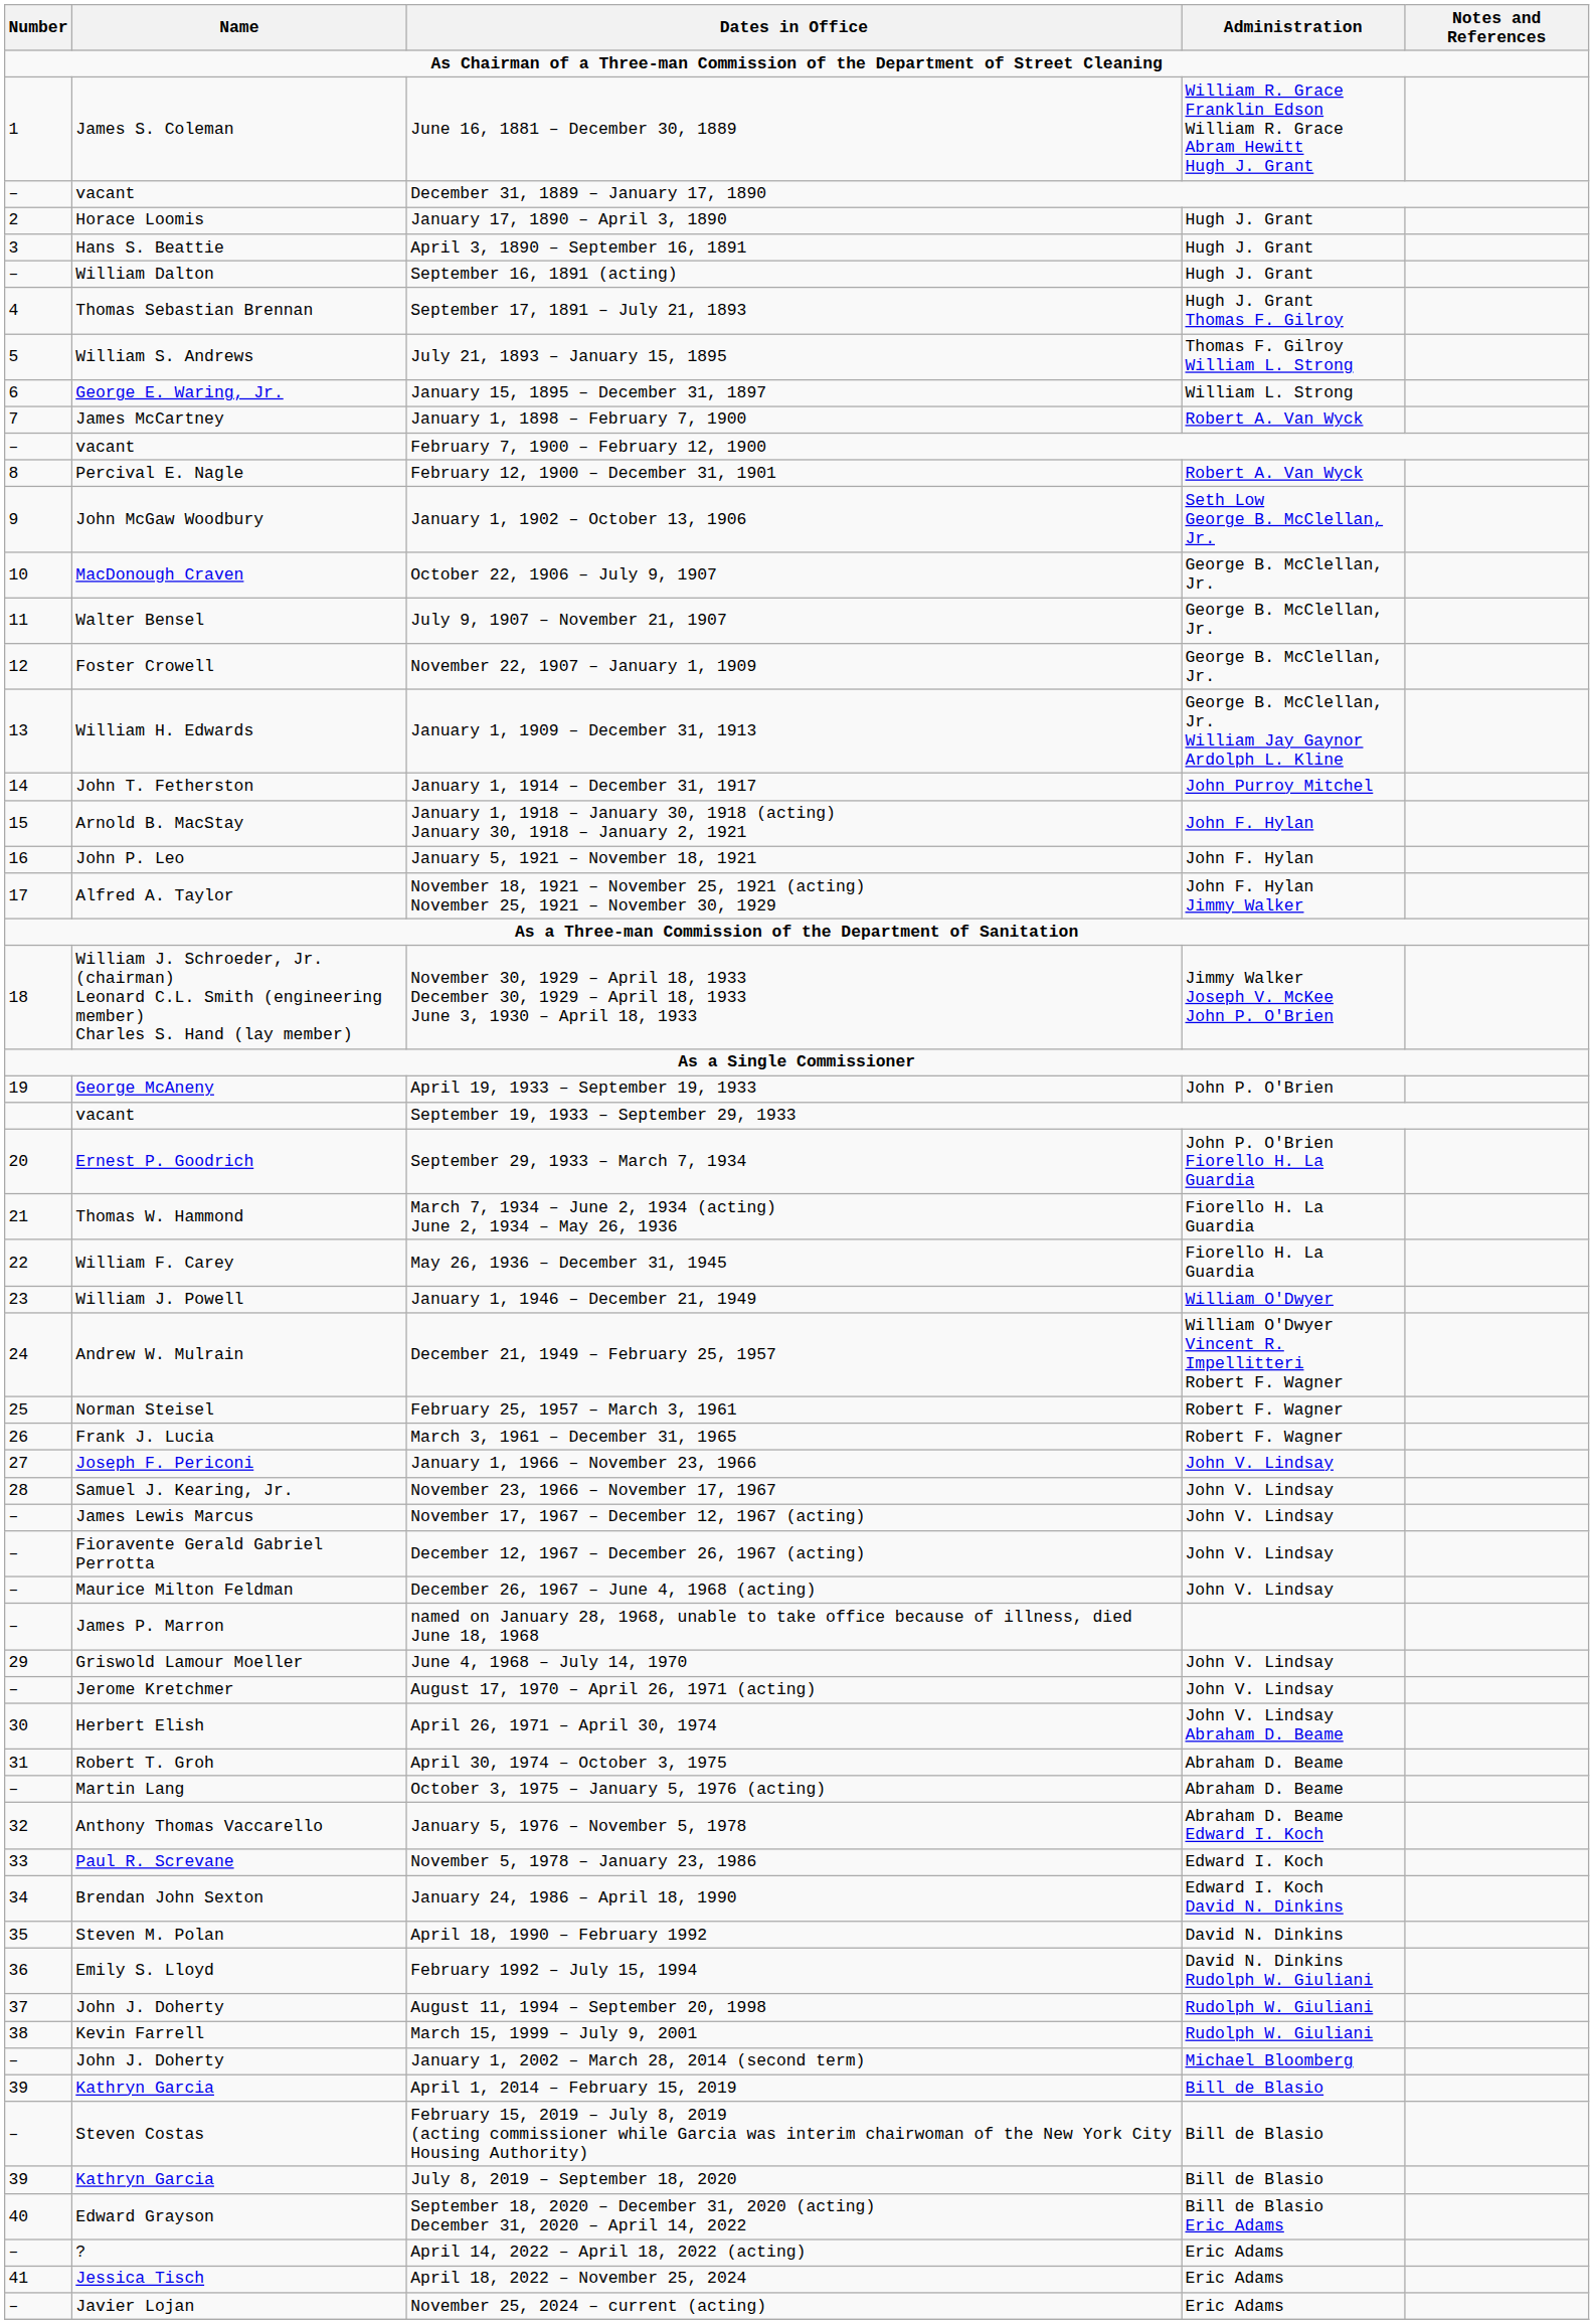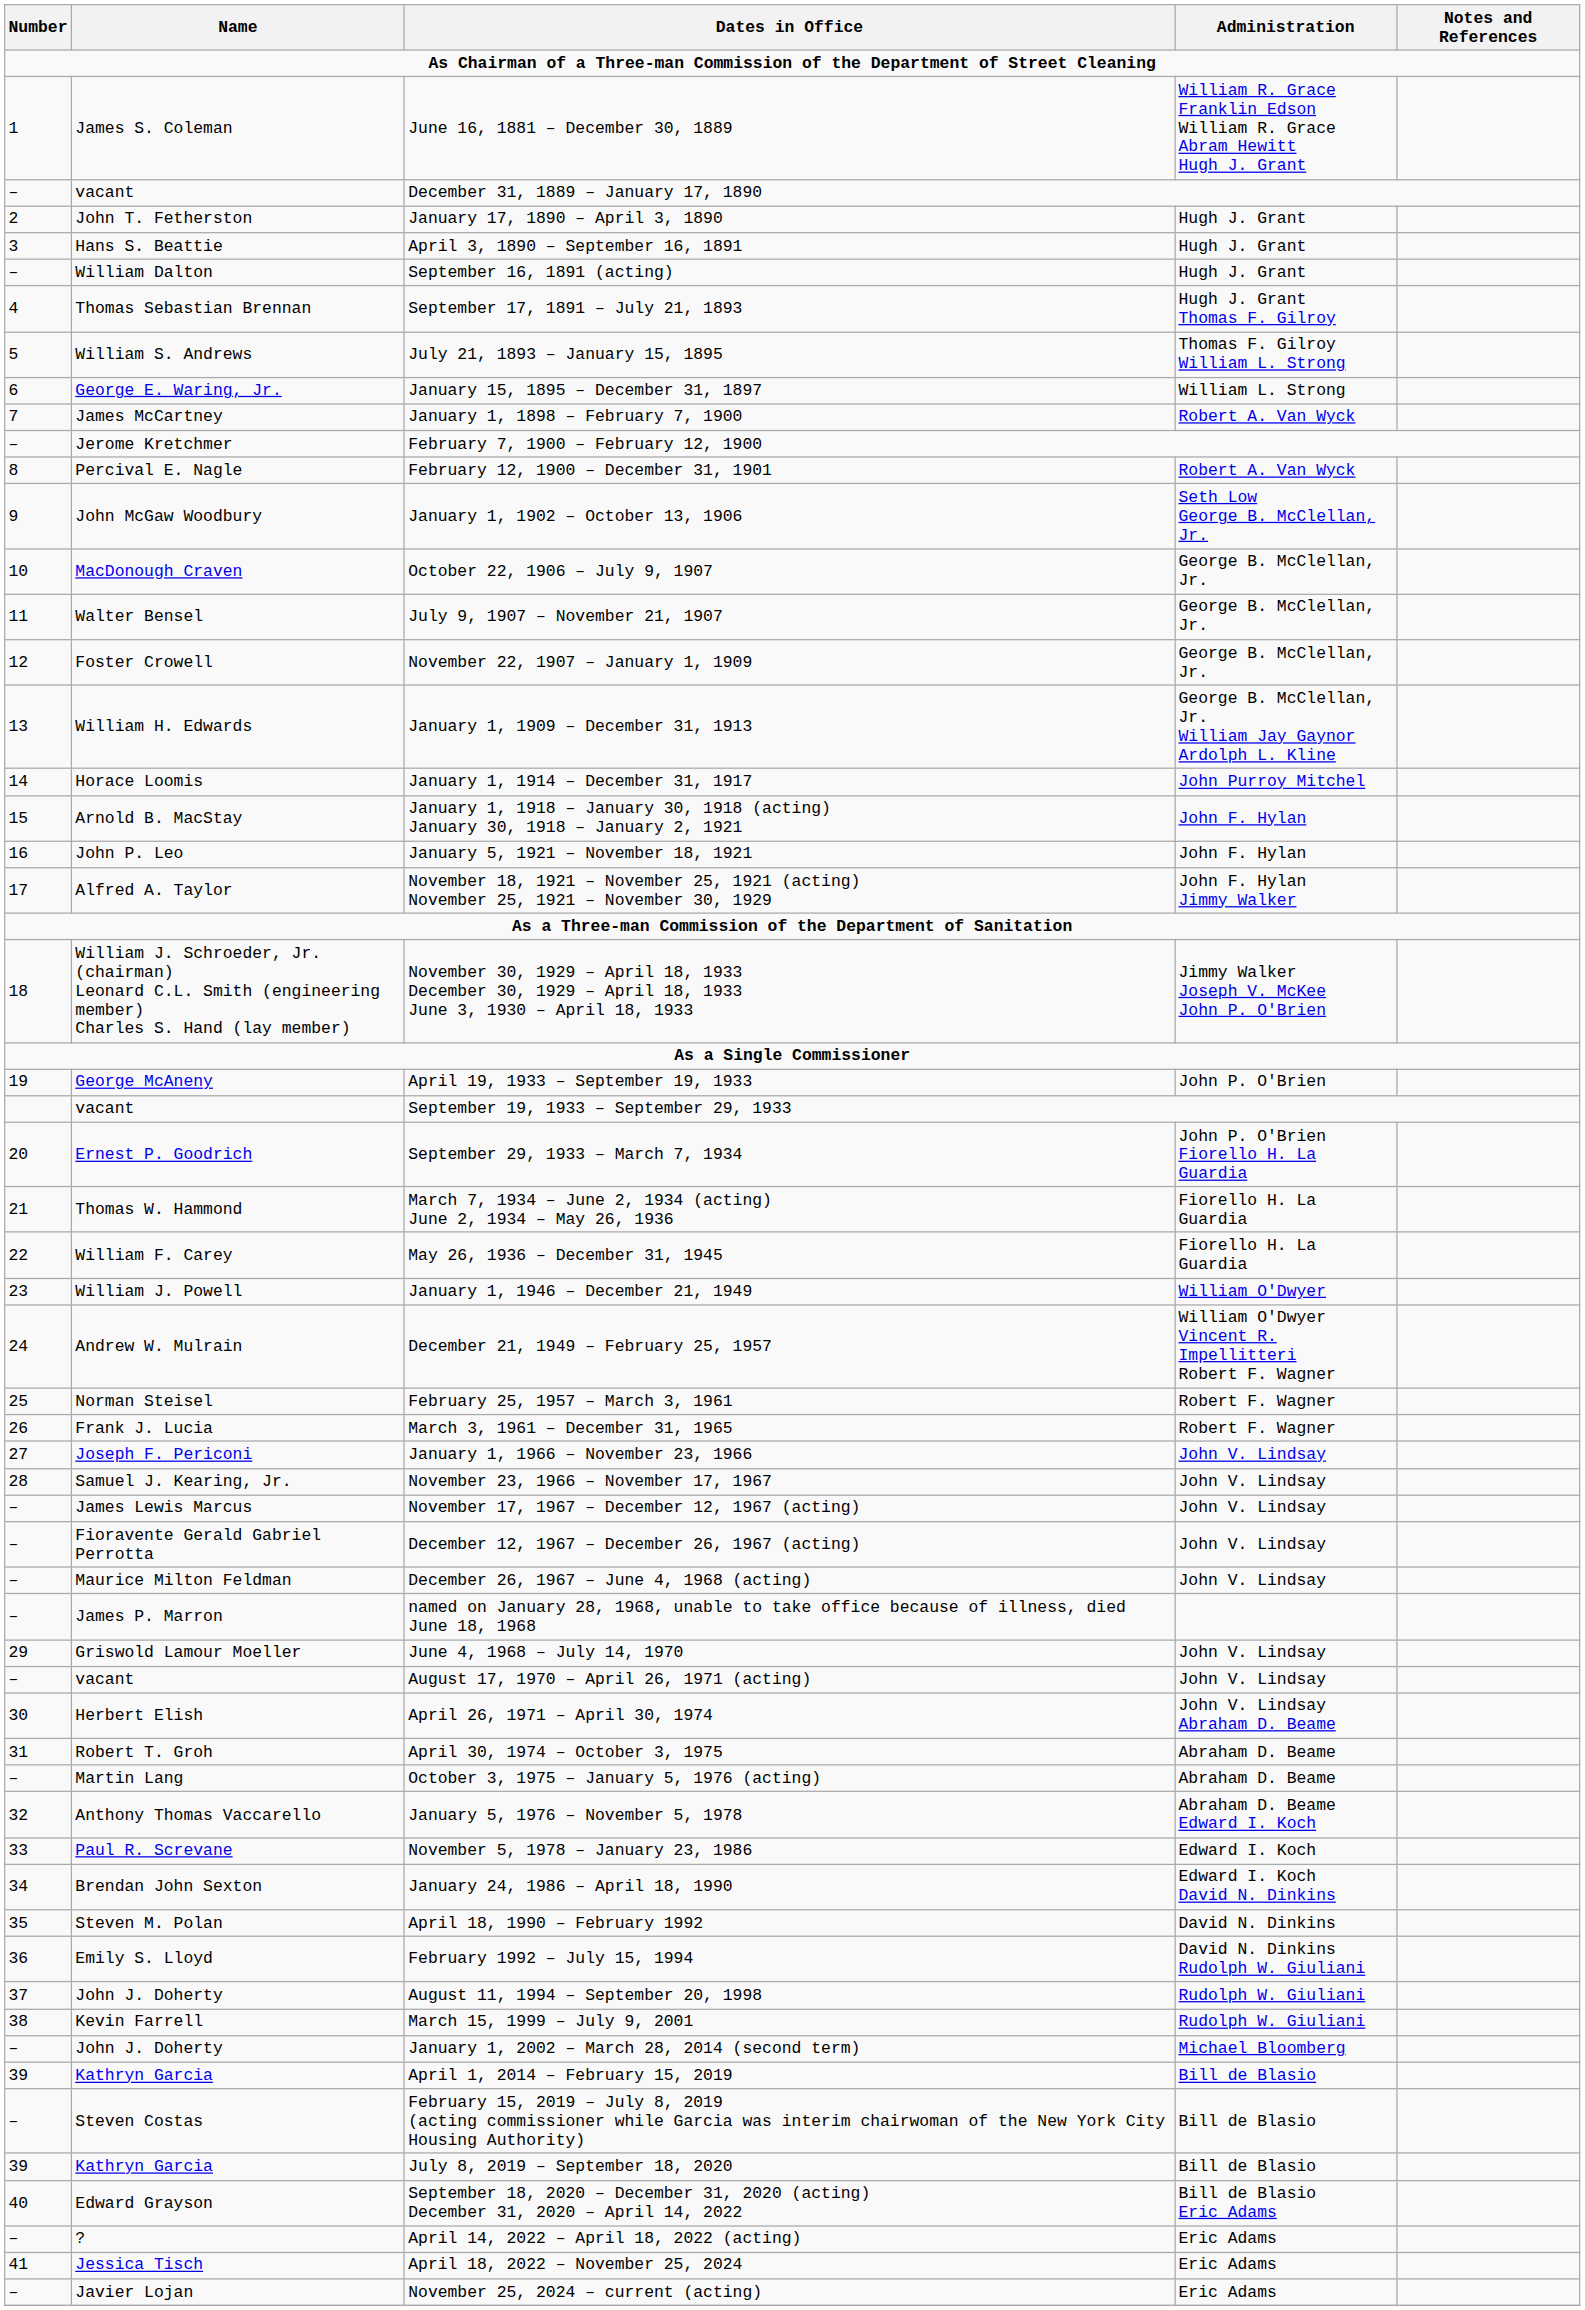 <table class="wikitable">
 <tr>
 <th>Number</th>
 <th>Name</th>
 <th>Dates in Office</th>
 <th>Administration</th>
 <th>Notes and References</th>
 </tr>
 <tr>
 <td colspan=5 align=center><strong>As Chairman of a Three-man Commission of the Department of Street Cleaning</strong></td>
 </tr>
 <tr>
 <td>1</td>
 <td>James S. Coleman</td>
 <td>June 16, 1881 – December 30, 1889</td>
 <td><a href='#'>William R. Grace</a><br><a href='#'>Franklin Edson</a><br>William R. Grace<br><a href='#'>Abram Hewitt</a><br><a href='#'>Hugh J. Grant</a></td>
 <td></td>
 </tr>
 <tr>
 <td>–</td>
 <td>vacant</td>
 <td colspan=3>December 31, 1889 – January 17, 1890</td>
 </tr>
 <tr>
 <td>2</td>
-<td>Horace Loomis</td>
+<td>John T. Fetherston</td>
 <td>January 17, 1890 – April 3, 1890</td>
 <td>Hugh J. Grant</td>
 <td></td>
 </tr>
 <tr>
 <td>3</td>
 <td>Hans S. Beattie</td>
 <td>April 3, 1890 – September 16, 1891</td>
 <td>Hugh J. Grant</td>
 <td></td>
 </tr>
 <tr>
 <td>–</td>
 <td>William Dalton</td>
 <td>September 16, 1891 (acting)</td>
 <td>Hugh J. Grant</td>
 <td></td>
 </tr>
 <tr>
 <td>4</td>
 <td>Thomas Sebastian Brennan</td>
 <td>September 17, 1891 – July 21, 1893</td>
 <td>Hugh J. Grant<br><a href='#'>Thomas F. Gilroy</a></td>
 <td></td>
 </tr>
 <tr>
 <td>5</td>
 <td>William S. Andrews</td>
 <td>July 21, 1893 – January 15, 1895</td>
 <td>Thomas F. Gilroy<br><a href='#'>William L. Strong</a></td>
 <td></td>
 </tr>
 <tr>
 <td>6</td>
 <td><a href='#'>George E. Waring, Jr.</a></td>
 <td>January 15, 1895 – December 31, 1897</td>
 <td>William L. Strong</td>
 <td></td>
 </tr>
 <tr>
 <td>7</td>
 <td>James McCartney</td>
 <td>January 1, 1898 – February 7, 1900</td>
 <td><a href='#'>Robert A. Van Wyck</a></td>
 <td></td>
 </tr>
 <tr>
 <td>–</td>
-<td>vacant</td>
+<td>Jerome Kretchmer</td>
 <td colspan=3>February 7, 1900 – February 12, 1900</td>
 </tr>
 <tr>
 <td>8</td>
 <td>Percival E. Nagle</td>
 <td>February 12, 1900 – December 31, 1901</td>
 <td><a href='#'>Robert A. Van Wyck</a></td>
 <td></td>
 </tr>
 <tr>
 <td>9</td>
 <td>John McGaw Woodbury</td>
 <td>January 1, 1902 – October 13, 1906</td>
 <td><a href='#'>Seth Low</a><br><a href='#'>George B. McClellan, Jr.</a></td>
 <td></td>
 </tr>
 <tr>
 <td>10</td>
 <td><a href='#'>MacDonough Craven</a></td>
 <td>October 22, 1906 – July 9, 1907</td>
 <td>George B. McClellan, Jr.</td>
 <td></td>
 </tr>
 <tr>
 <td>11</td>
 <td>Walter Bensel</td>
 <td>July 9, 1907 – November 21, 1907</td>
 <td>George B. McClellan, Jr.</td>
 <td></td>
 </tr>
 <tr>
 <td>12</td>
 <td>Foster Crowell</td>
 <td>November 22, 1907 – January 1, 1909</td>
 <td>George B. McClellan, Jr.</td>
 <td></td>
 </tr>
 <tr>
 <td>13</td>
 <td>William H. Edwards</td>
 <td>January 1, 1909 – December 31, 1913</td>
 <td>George B. McClellan, Jr.<br><a href='#'>William Jay Gaynor</a><br><a href='#'>Ardolph L. Kline</a></td>
 <td></td>
 </tr>
 <tr>
 <td>14</td>
-<td>John T. Fetherston</td>
+<td>Horace Loomis</td>
 <td>January 1, 1914 – December 31, 1917</td>
 <td><a href='#'>John Purroy Mitchel</a></td>
 <td></td>
 </tr>
 <tr>
 <td>15</td>
 <td>Arnold B. MacStay</td>
 <td>January 1, 1918 – January 30, 1918 (acting)<br>January 30, 1918 – January 2, 1921</td>
 <td><a href='#'>John F. Hylan</a></td>
 <td></td>
 </tr>
 <tr>
 <td>16</td>
 <td>John P. Leo</td>
 <td>January 5, 1921 – November 18, 1921</td>
 <td>John F. Hylan</td>
 <td></td>
 </tr>
 <tr>
 <td>17</td>
 <td>Alfred A. Taylor</td>
 <td>November 18, 1921 – November 25, 1921 (acting)<br> November 25, 1921 – November 30, 1929</td>
 <td>John F. Hylan<br><a href='#'>Jimmy Walker</a></td>
 <td></td>
 </tr>
 <tr>
 <td colspan=5 align=center><strong>As a Three-man Commission of the Department of Sanitation</strong></td>
 </tr>
 <tr>
 <td>18</td>
 <td>William J. Schroeder, Jr. (chairman) <br>Leonard C.L. Smith (engineering member)<br>Charles S. Hand (lay member)</td>
 <td>November 30, 1929 – April 18, 1933<br>December 30, 1929 – April 18, 1933<br>June 3, 1930 – April 18, 1933</td>
 <td>Jimmy Walker<br><a href='#'>Joseph V. McKee</a><br><a href='#'>John P. O'Brien</a></td>
 <td></td>
 </tr>
 <tr>
 <td colspan=5 align=center><strong>As a Single Commissioner</strong></td>
 </tr>
 <tr>
 <td>19</td>
 <td><a href='#'>George McAneny</a></td>
 <td>April 19, 1933 – September 19, 1933</td>
 <td>John P. O'Brien</td>
 <td></td>
 </tr>
 <tr>
 <td></td>
 <td>vacant</td>
 <td colspan=3>September 19, 1933 – September 29, 1933</td>
 </tr>
 <tr>
 <td>20</td>
 <td><a href='#'>Ernest P. Goodrich</a></td>
 <td>September 29, 1933 – March 7, 1934</td>
 <td>John P. O'Brien<br><a href='#'>Fiorello H. La Guardia</a></td>
 <td></td>
 </tr>
 <tr>
 <td>21</td>
 <td>Thomas W. Hammond</td>
 <td>March 7, 1934 – June 2, 1934 (acting)<br>June 2, 1934 – May 26, 1936</td>
 <td>Fiorello H. La Guardia</td>
 <td></td>
 </tr>
 <tr>
 <td>22</td>
 <td>William F. Carey</td>
 <td>May 26, 1936 – December 31, 1945</td>
 <td>Fiorello H. La Guardia</td>
 <td></td>
 </tr>
 <tr>
 <td>23</td>
 <td>William J. Powell</td>
 <td>January 1, 1946 – December 21, 1949</td>
 <td><a href='#'>William O'Dwyer</a></td>
 <td></td>
 </tr>
 <tr>
 <td>24</td>
 <td>Andrew W. Mulrain</td>
 <td>December 21, 1949 – February 25, 1957</td>
 <td>William O'Dwyer<br><a href='#'>Vincent R. Impellitteri</a><br>Robert F. Wagner</td>
 <td></td>
 </tr>
 <tr>
 <td>25</td>
 <td>Norman Steisel</td>
 <td>February 25, 1957 – March 3, 1961</td>
 <td>Robert F. Wagner</td>
 <td></td>
 </tr>
 <tr>
 <td>26</td>
 <td>Frank J. Lucia</td>
 <td>March 3, 1961 – December 31, 1965</td>
 <td>Robert F. Wagner</td>
 <td></td>
 </tr>
 <tr>
 <td>27</td>
 <td><a href='#'>Joseph F. Periconi</a></td>
 <td>January 1, 1966 – November 23, 1966</td>
 <td><a href='#'>John V. Lindsay</a></td>
 <td></td>
 </tr>
 <tr>
 <td>28</td>
 <td>Samuel J. Kearing, Jr.</td>
 <td>November 23, 1966 – November 17, 1967</td>
 <td>John V. Lindsay</td>
 <td></td>
 </tr>
 <tr>
 <td>–</td>
 <td>James Lewis Marcus</td>
 <td>November 17, 1967 – December 12, 1967 (acting)</td>
 <td>John V. Lindsay</td>
 <td></td>
 </tr>
 <tr>
 <td>–</td>
 <td>Fioravente Gerald Gabriel Perrotta</td>
 <td>December 12, 1967 – December 26, 1967 (acting)</td>
 <td>John V. Lindsay</td>
 <td></td>
 </tr>
 <tr>
 <td>–</td>
 <td>Maurice Milton Feldman</td>
 <td>December 26, 1967 – June 4, 1968 (acting)</td>
 <td>John V. Lindsay</td>
 <td></td>
 </tr>
 <tr>
 <td>–</td>
 <td>James P. Marron</td>
 <td>named on January 28, 1968, unable to take office because of illness, died June 18, 1968</td>
 <td></td>
 <td></td>
 </tr>
 <tr>
 <td>29</td>
 <td>Griswold Lamour Moeller</td>
 <td>June 4, 1968 – July 14, 1970</td>
 <td>John V. Lindsay</td>
 <td></td>
 </tr>
 <tr>
 <td>–</td>
-<td>Jerome Kretchmer</td>
+<td>vacant</td>
 <td>August 17, 1970 – April 26, 1971 (acting)</td>
 <td>John V. Lindsay</td>
 <td></td>
 </tr>
 <tr>
 <td>30</td>
 <td>Herbert Elish</td>
 <td>April 26, 1971 – April 30, 1974</td>
 <td>John V. Lindsay<br><a href='#'>Abraham D. Beame</a></td>
 <td></td>
 </tr>
 <tr>
 <td>31</td>
 <td>Robert T. Groh</td>
 <td>April 30, 1974 – October 3, 1975</td>
 <td>Abraham D. Beame</td>
 <td></td>
 </tr>
 <tr>
 <td>–</td>
 <td>Martin Lang</td>
 <td>October 3, 1975 – January 5, 1976 (acting)</td>
 <td>Abraham D. Beame</td>
 <td></td>
 </tr>
 <tr>
 <td>32</td>
 <td>Anthony Thomas Vaccarello</td>
 <td>January 5, 1976 – November 5, 1978</td>
 <td>Abraham D. Beame<br><a href='#'>Edward I. Koch</a></td>
 <td></td>
 </tr>
 <tr>
 <td>33</td>
 <td><a href='#'>Paul R. Screvane</a></td>
 <td>November 5, 1978 – January 23, 1986</td>
 <td>Edward I. Koch</td>
 <td></td>
 </tr>
 <tr>
 <td>34</td>
 <td>Brendan John Sexton</td>
 <td>January 24, 1986 – April 18, 1990</td>
 <td>Edward I. Koch<br><a href='#'>David N. Dinkins</a></td>
 <td></td>
 </tr>
 <tr>
 <td>35</td>
 <td>Steven M. Polan</td>
 <td>April 18, 1990 – February 1992</td>
 <td>David N. Dinkins</td>
 <td></td>
 </tr>
 <tr>
 <td>36</td>
 <td>Emily S. Lloyd</td>
 <td>February 1992 – July 15, 1994</td>
 <td>David N. Dinkins<br><a href='#'>Rudolph W. Giuliani</a></td>
 <td></td>
 </tr>
 <tr>
 <td>37</td>
 <td>John J. Doherty</td>
 <td>August 11, 1994 – September 20, 1998</td>
 <td><a href='#'>Rudolph W. Giuliani</a></td>
 <td></td>
 </tr>
 <tr>
 <td>38</td>
 <td>Kevin Farrell</td>
 <td>March 15, 1999 – July 9, 2001</td>
 <td><a href='#'>Rudolph W. Giuliani</a></td>
 <td></td>
 </tr>
 <tr>
 <td>–</td>
 <td>John J. Doherty</td>
 <td>January 1, 2002 – March 28, 2014 (second term)</td>
 <td><a href='#'>Michael Bloomberg</a></td>
 <td></td>
 </tr>
 <tr>
 <td>39</td>
 <td><a href='#'>Kathryn Garcia</a></td>
 <td>April 1, 2014 – February 15, 2019</td>
 <td><a href='#'>Bill de Blasio</a></td>
 <td></td>
 </tr>
 <tr>
 <td>–</td>
 <td>Steven Costas</td>
 <td>February 15, 2019 – July 8, 2019<br>(acting commissioner while Garcia was interim chairwoman of the New York City Housing Authority)</td>
 <td>Bill de Blasio</td>
 <td></td>
 </tr>
 <tr>
 <td>39</td>
 <td><a href='#'>Kathryn Garcia</a></td>
 <td>July 8, 2019 – September 18, 2020</td>
 <td>Bill de Blasio</td>
 <td></td>
 </tr>
 <tr>
 <td>40</td>
 <td>Edward Grayson</td>
 <td>September 18, 2020 – December 31, 2020 (acting)<br>December 31, 2020 – April 14, 2022</td>
 <td>Bill de Blasio<br><a href='#'>Eric Adams</a></td>
 <td></td>
 </tr>
 <tr>
 <td>–</td>
 <td>?</td>
 <td>April 14, 2022 – April 18, 2022 (acting)</td>
 <td>Eric Adams</td>
 <td></td>
 </tr>
 <tr>
 <td>41</td>
 <td><a href='#'>Jessica Tisch</a></td>
 <td>April 18, 2022 – November 25, 2024</td>
 <td>Eric Adams</td>
 <td></td>
 </tr>
 <tr>
 <td>–</td>
 <td>Javier Lojan</td>
 <td>November 25, 2024 – current (acting)</td>
 <td>Eric Adams</td>
 <td></td>
 </tr>
 <tr>
 </tr>
 </table>
